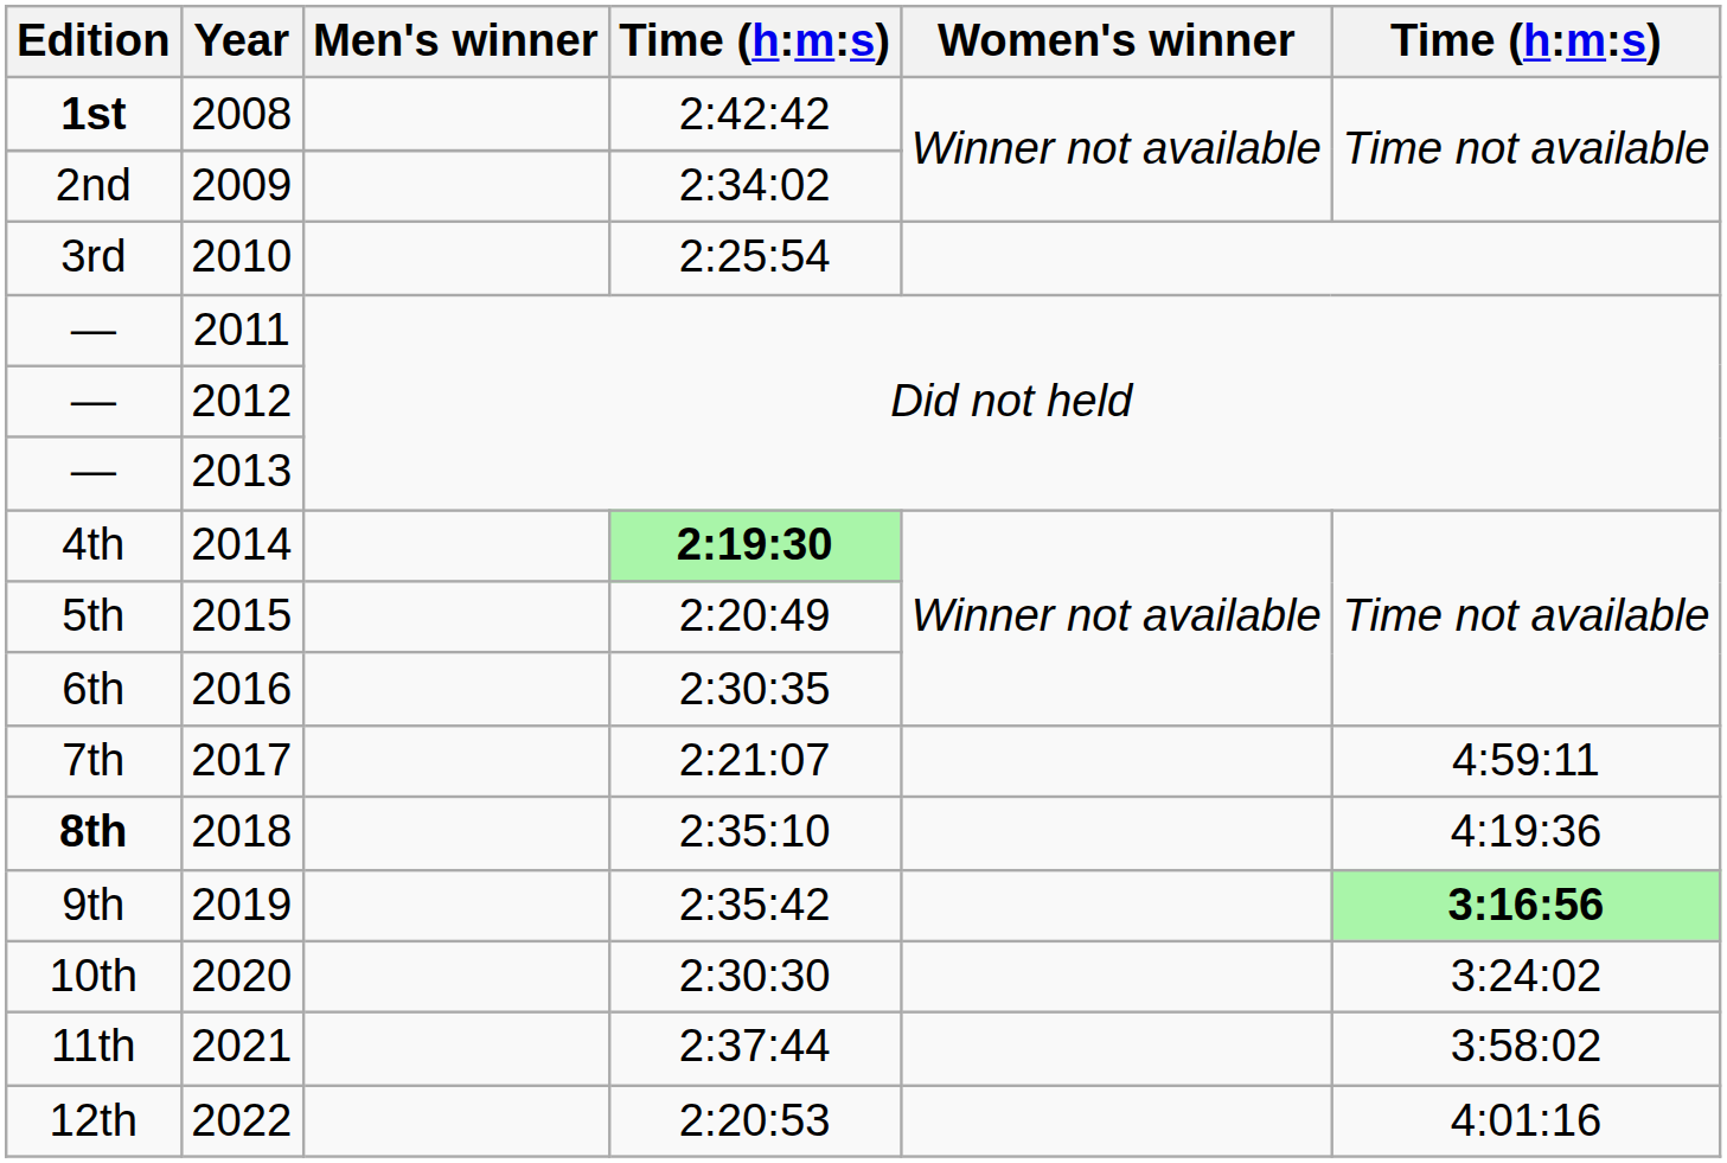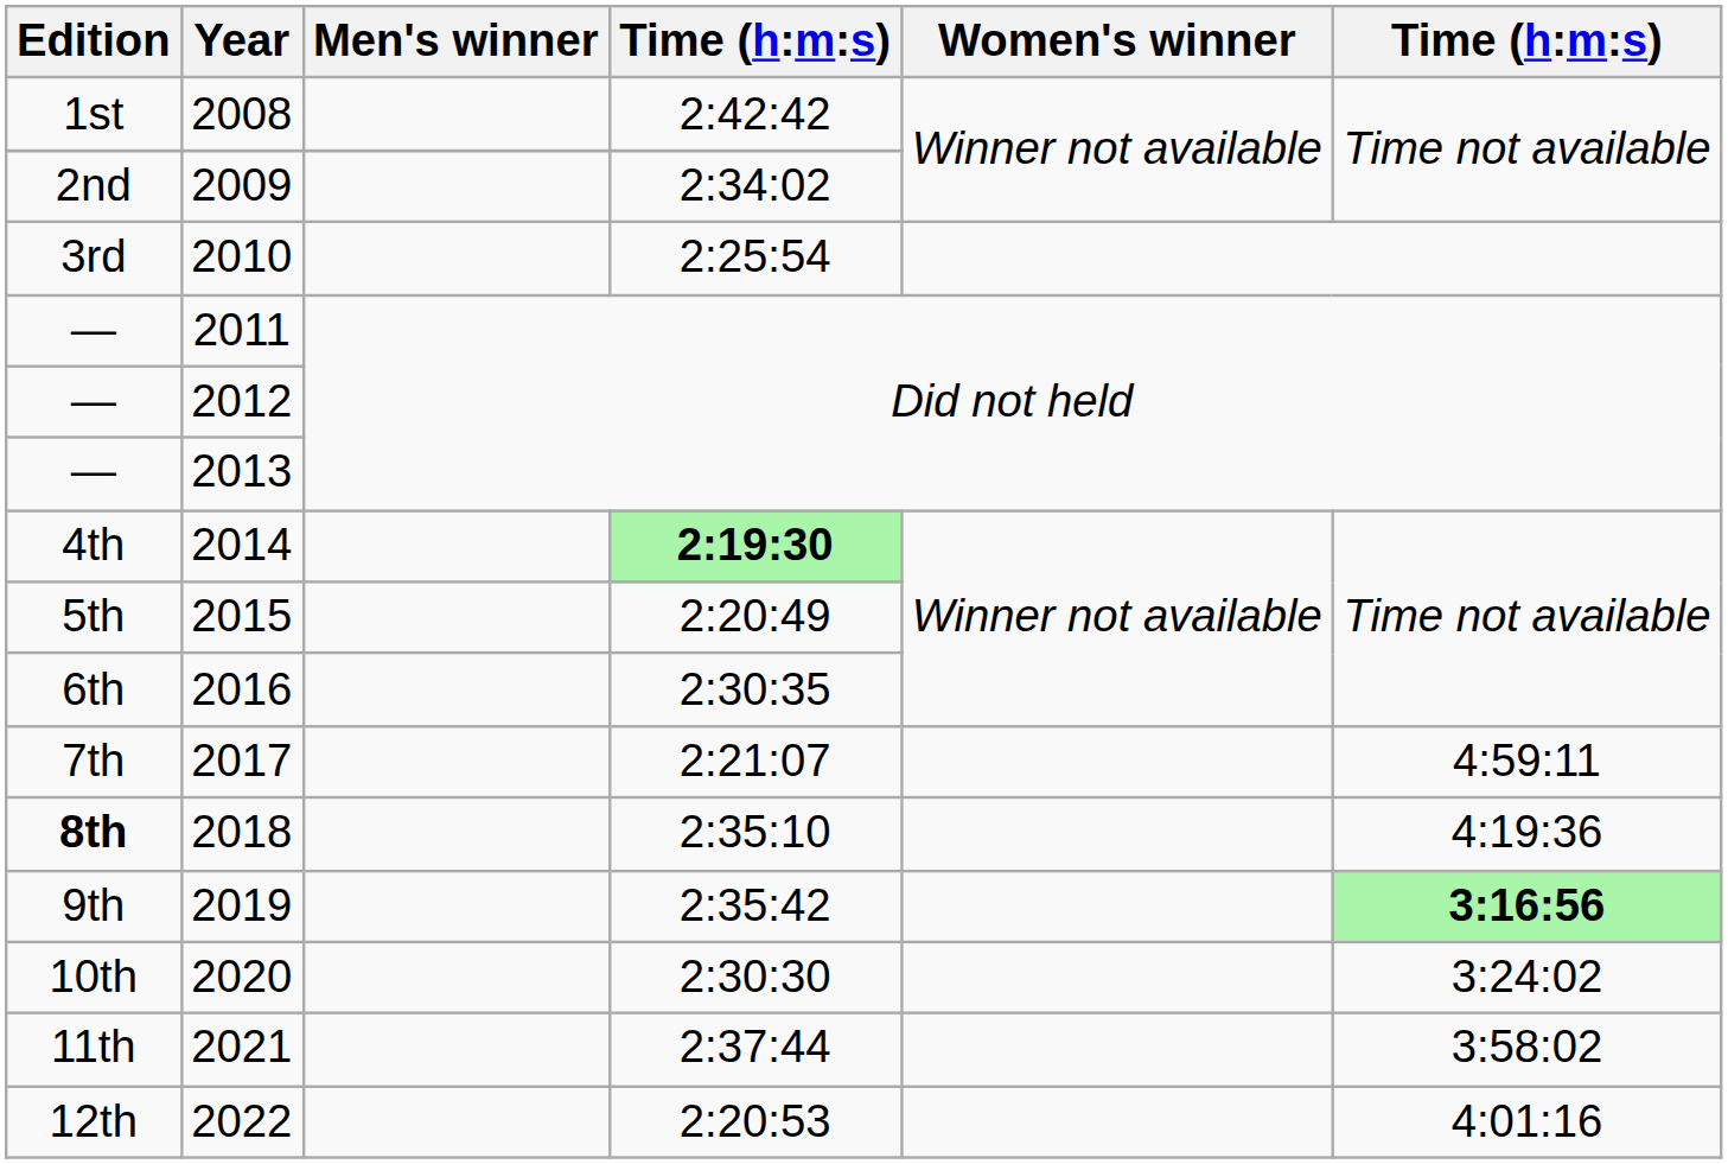 <table class="wikitable sortable" style="text-align:center">
 <tr>
 <th class=unsortable>Edition</th>
 <th>Year</th>
 <th class=unsortable>Men's winner</th>
 <th>Time (<a href='#'>h</a>:<a href='#'>m</a>:<a href='#'>s</a>)</th>
 <th class=unsortable>Women's winner</th>
 <th>Time (<a href='#'>h</a>:<a href='#'>m</a>:<a href='#'>s</a>)</th>
 </tr>
 <tr>
-<td><strong>1st</strong></td>
+<td>1st</td>
 <td>2008</td>
 <td align=left></td>
 <td>2:42:42</td>
 <td rowspan=3><em>Winner not available</em></td>
 <td rowspan=3><em>Time not available</em></td>
 </tr>
 <tr>
 </tr>
 <tr>
 <td>2nd</td>
 <td>2009</td>
 <td align=left></td>
 <td>2:34:02</td>
 </tr>
 <tr>
 <td>3rd</td>
 <td>2010</td>
 <td align=left></td>
 <td>2:25:54</td>
 </tr>
 <tr>
 <td>—</td>
 <td>2011</td>
 <td rowspan=3 colspan=4><em>Did not held</em></td>
 </tr>
 <tr>
 <td>—</td>
 <td>2012</td>
 </tr>
 <tr>
 <td>—</td>
 <td>2013</td>
 </tr>
 <tr>
 <td>4th</td>
 <td>2014</td>
 <td align=left></td>
 <td style="background:#a9f5a9;"><strong>2:19:30</strong></td>
 <td rowspan=3><em>Winner not available</em></td>
 <td rowspan=3><em>Time not available</em></td>
 </tr>
 <tr>
 <td>5th</td>
 <td>2015</td>
 <td align=left></td>
 <td>2:20:49</td>
 </tr>
 <tr>
 <td>6th</td>
 <td>2016</td>
 <td align=left></td>
 <td>2:30:35</td>
 </tr>
 <tr>
 <td>7th</td>
 <td>2017</td>
 <td align=left></td>
 <td>2:21:07</td>
 <td align=left></td>
 <td>4:59:11</td>
 </tr>
 <tr>
 <td><strong>8th</strong></td>
 <td>2018</td>
 <td align=left></td>
 <td>2:35:10</td>
 <td align=left></td>
 <td>4:19:36</td>
 </tr>
 <tr>
 <td>9th</td>
 <td>2019</td>
 <td align=left></td>
 <td>2:35:42</td>
 <td align=left></td>
 <td style="background:#a9f5a9;"><strong>3:16:56</strong></td>
 </tr>
 <tr>
 <td>10th</td>
 <td>2020</td>
 <td align=left></td>
 <td>2:30:30</td>
 <td align=left></td>
 <td>3:24:02</td>
 </tr>
 <tr>
 <td>11th</td>
 <td>2021</td>
 <td align=left></td>
 <td>2:37:44</td>
 <td align=left></td>
 <td>3:58:02</td>
 </tr>
 <tr>
 <td>12th</td>
 <td>2022</td>
 <td align=left></td>
 <td>2:20:53</td>
 <td align=left></td>
 <td>4:01:16</td>
 </tr>
 </table>
